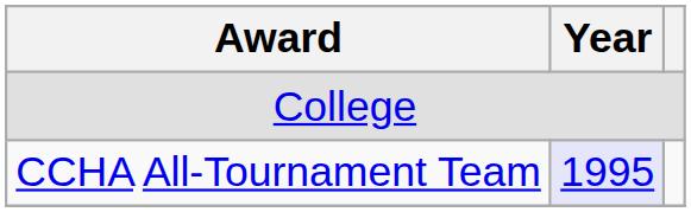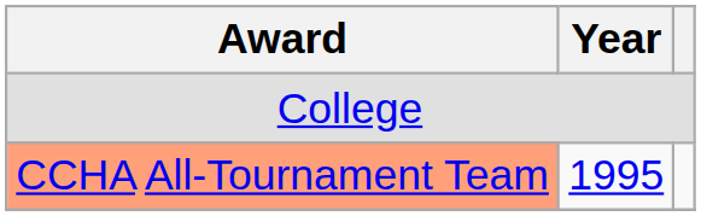 <table class="wikitable">
 <tr>
 <th>Award</th>
 <th>Year</th>
 <th></th>
 </tr>
 <tr ALIGN="center" bgcolor="#e0e0e0">
 <td colspan="3"><a href='#'>College</a></td>
 </tr>
 <tr>
-<td><a href='#'>CCHA</a> <a href='#'>All-Tournament Team</a></td>
-<td style="background: lavender;"><a href='#'>1995</a></td>
+<td style="background: lightsalmon;"><a href='#'>CCHA</a> <a href='#'>All-Tournament Team</a></td>
+<td><a href='#'>1995</a></td>
 <td></td>
 </tr>
 <tr>
 </tr>
 </table>
